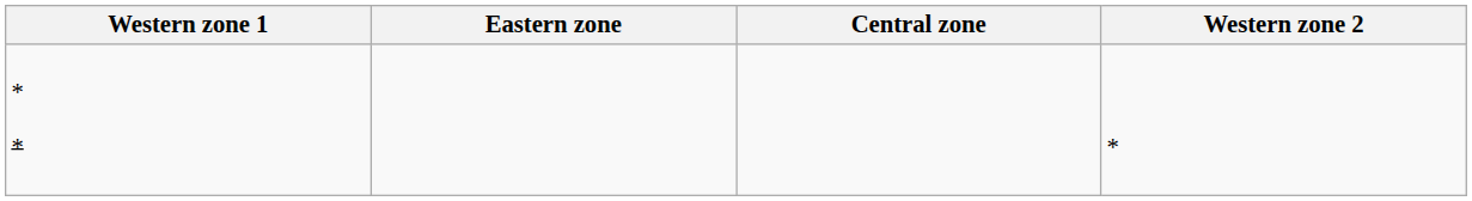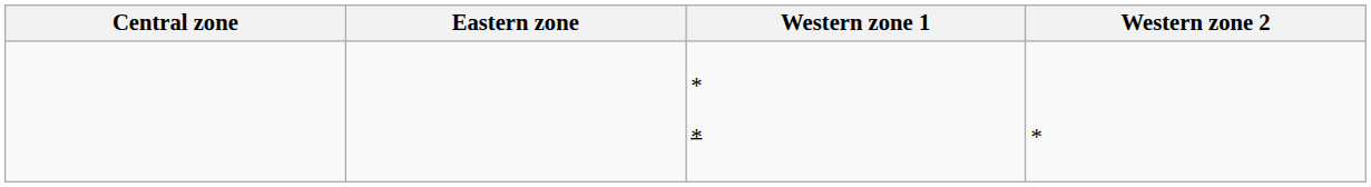 <table class="wikitable" width=75%>
 <tr>
+<th width=25%>Central zone</th>
+<th width=25%>Eastern zone</th>
 <th width=25%>Western zone 1</th>
-<th width=25%>Eastern zone</th>
-<th width=25%>Central zone</th>
 <th width=25%>Western zone 2</th>
 </tr>
 <tr>
-<td valign=top><br><s></s>*<br> <br> <s>*<br></s></td>
 <td valign=top><br><br> <br> <br> <br> </td>
 <td valign=top><br><br> <br> <br> <br> </td>
+<td valign=top><br><s></s>*<br> <br> <s>*<br></s></td>
 <td valign=top><br><br> <br> <s></s>*<br> <br> </td>
 </tr>
 </table>
